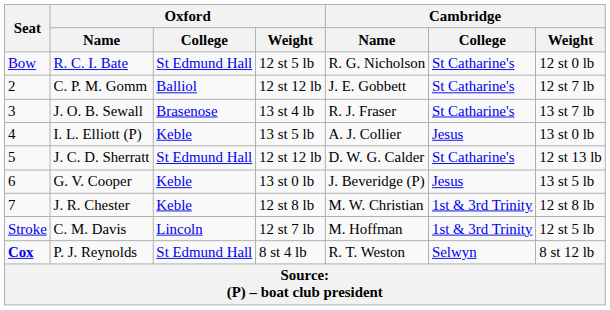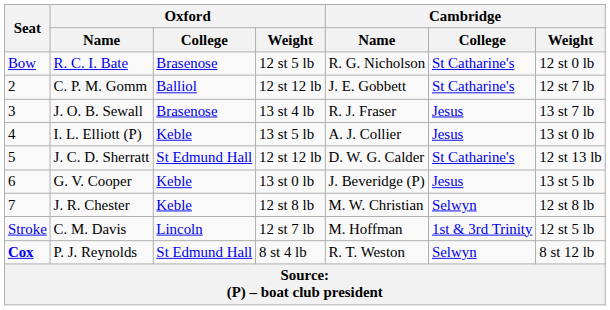 <table class="wikitable">
 <tr>
 <th rowspan="2" scope="col">Seat</th>
 <th colspan="3" scope="col">Oxford <br> </th>
 <th colspan="3" scope="col">Cambridge <br> </th>
 </tr>
 <tr>
 <th>Name</th>
 <th>College</th>
 <th>Weight</th>
 <th>Name</th>
 <th>College</th>
 <th>Weight</th>
 </tr>
 <tr>
 <td><a href='#'>Bow</a></td>
 <td><a href='#'>R. C. I. Bate</a></td>
-<td><a href='#'>St Edmund Hall</a></td>
+<td><a href='#'>Brasenose</a></td>
 <td>12 st 5 lb</td>
 <td>R. G. Nicholson</td>
 <td><a href='#'>St Catharine's</a></td>
 <td>12 st 0 lb</td>
 </tr>
 <tr>
 <td>2</td>
 <td>C. P. M. Gomm</td>
 <td><a href='#'>Balliol</a></td>
 <td>12 st 12 lb</td>
 <td>J. E. Gobbett</td>
 <td><a href='#'>St Catharine's</a></td>
 <td>12 st 7 lb</td>
 </tr>
 <tr>
 <td>3</td>
 <td>J. O. B. Sewall</td>
 <td><a href='#'>Brasenose</a></td>
 <td>13 st 4 lb</td>
 <td>R. J. Fraser</td>
-<td><a href='#'>St Catharine's</a></td>
+<td><a href='#'>Jesus</a></td>
 <td>13 st 7 lb</td>
 </tr>
 <tr>
 <td>4</td>
 <td>I. L. Elliott (P)</td>
 <td><a href='#'>Keble</a></td>
 <td>13 st 5 lb</td>
 <td>A. J. Collier</td>
 <td><a href='#'>Jesus</a></td>
 <td>13 st 0 lb</td>
 </tr>
 <tr>
 <td>5</td>
 <td>J. C. D. Sherratt</td>
 <td><a href='#'>St Edmund Hall</a></td>
 <td>12 st 12 lb</td>
 <td>D. W. G. Calder</td>
 <td><a href='#'>St Catharine's</a></td>
 <td>12 st 13 lb</td>
 </tr>
 <tr>
 <td>6</td>
 <td>G. V. Cooper</td>
 <td><a href='#'>Keble</a></td>
 <td>13 st 0 lb</td>
 <td>J. Beveridge (P)</td>
 <td><a href='#'>Jesus</a></td>
 <td>13 st 5 lb</td>
 </tr>
 <tr>
 <td>7</td>
 <td>J. R. Chester</td>
 <td><a href='#'>Keble</a></td>
 <td>12 st 8 lb</td>
 <td>M. W. Christian</td>
-<td><a href='#'>1st & 3rd Trinity</a></td>
+<td><a href='#'>Selwyn</a></td>
 <td>12 st 8 lb</td>
 </tr>
 <tr>
 <td><a href='#'>Stroke</a></td>
 <td>C. M. Davis</td>
 <td><a href='#'>Lincoln</a></td>
 <td>12 st 7 lb</td>
 <td>M. Hoffman</td>
 <td><a href='#'>1st & 3rd Trinity</a></td>
 <td>12 st 5 lb</td>
 </tr>
 <tr>
 <td><strong><a href='#'>Cox</a></strong></td>
 <td>P. J. Reynolds</td>
 <td><a href='#'>St Edmund Hall</a></td>
 <td>8 st 4 lb</td>
 <td>R. T. Weston</td>
 <td><a href='#'>Selwyn</a></td>
 <td>8 st 12 lb</td>
 </tr>
 <tr>
 <th colspan="7">Source:<br>(P) – boat club president</th>
 </tr>
 </table>
